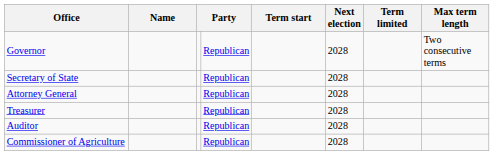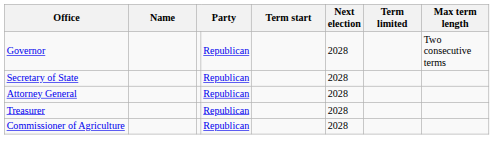 <table class="sortable wikitable">
 <tr>
 <th scope="col" width=190>Office</th>
 <th scope="col" width=100>Name</th>
 <th scope="col" width=75 colspan=2>Party</th>
 <th scope="col" width=110>Term start</th>
 <th scope="col" width=50>Next election</th>
 <th scope="col" width=85>Term limited</th>
 <th scope="col" width=100>Max term length</th>
 </tr>
 <tr>
 <td><a href='#'>Governor</a></td>
 <td></td>
 <td style="background-color:"></td>
 <td><a href='#'>Republican</a></td>
 <td></td>
 <td>2028</td>
 <td></td>
 <td>Two consecutive terms</td>
 </tr>
 <tr>
 <td><a href='#'>Secretary of State</a></td>
 <td></td>
 <td style="background-color:"></td>
 <td><a href='#'>Republican</a></td>
 <td></td>
 <td>2028</td>
 <td></td>
 <td></td>
 </tr>
 <tr>
 <td><a href='#'>Attorney General</a></td>
 <td></td>
 <td style="background-color:"></td>
 <td><a href='#'>Republican</a></td>
 <td></td>
 <td>2028</td>
 <td></td>
 <td></td>
 </tr>
 <tr>
 <td><a href='#'>Treasurer</a></td>
 <td></td>
 <td style="background-color:"></td>
 <td><a href='#'>Republican</a></td>
 <td></td>
 <td>2028</td>
 <td></td>
 <td></td>
 </tr>
 <tr>
-<td><a href='#'>Auditor</a></td>
-<td></td>
-<td style="background-color:"></td>
-<td><a href='#'>Republican</a></td>
-<td></td>
-<td>2028</td>
-<td></td>
-<td></td>
-</tr>
-<tr>
 <td><a href='#'>Commissioner of Agriculture</a></td>
 <td></td>
 <td style="background-color:"></td>
 <td><a href='#'>Republican</a></td>
 <td></td>
 <td>2028</td>
 <td></td>
 <td></td>
 </tr>
 </table>
